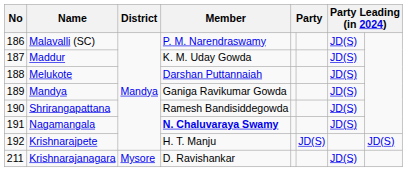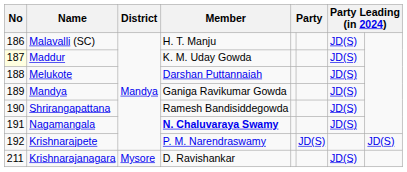 <table class="wikitable">
 <tr>
 <th>No</th>
 <th>Name</th>
 <th>District</th>
 <th>Member</th>
 <th colspan="2">Party</th>
 <th colspan="2">Party Leading<br>(in <a href='#'>2024</a>)</th>
 </tr>
 <tr>
 <td>186</td>
 <td><a href='#'>Malavalli</a> (SC)</td>
 <td rowspan="7"><a href='#'>Mandya</a></td>
-<td><a href='#'>P. M. Narendraswamy</a></td>
+<td>H. T. Manju</td>
 <td></td>
 <td style="background-color:"></td>
 <td><a href='#'>JD(S)</a></td>
 </tr>
 <tr>
-<td>187</td>
+<td style="background: lightyellow;">187</td>
 <td><a href='#'>Maddur</a></td>
 <td>K. M. Uday Gowda</td>
 <td></td>
 <td style="background-color:"></td>
 <td><a href='#'>JD(S)</a></td>
 </tr>
 <tr>
 <td>188</td>
 <td><a href='#'>Melukote</a></td>
 <td><a href='#'>Darshan Puttannaiah</a></td>
 <td></td>
 <td style="background-color:"></td>
 <td><a href='#'>JD(S)</a></td>
 </tr>
 <tr>
 <td>189</td>
 <td><a href='#'>Mandya</a></td>
 <td>Ganiga Ravikumar Gowda</td>
 <td></td>
 <td style="background-color:"></td>
 <td><a href='#'>JD(S)</a></td>
 </tr>
 <tr>
 <td>190</td>
 <td><a href='#'>Shrirangapattana</a></td>
 <td>Ramesh Bandisiddegowda</td>
 <td></td>
 <td style="background-color:"></td>
 <td><a href='#'>JD(S)</a></td>
 </tr>
 <tr>
 <td>191</td>
 <td><a href='#'>Nagamangala</a></td>
 <td><strong><a href='#'>N. Chaluvaraya Swamy</a></strong></td>
 <td></td>
 <td style="background-color:"></td>
 <td><a href='#'>JD(S)</a></td>
 </tr>
 <tr>
 <td>192</td>
 <td><a href='#'>Krishnarajpete</a></td>
-<td>H. T. Manju</td>
+<td><a href='#'>P. M. Narendraswamy</a></td>
 <td style="background-color:"></td>
 <td><a href='#'>JD(S)</a></td>
 <td style="background-color:"></td>
 <td><a href='#'>JD(S)</a></td>
 </tr>
 <tr>
 <td>211</td>
 <td><a href='#'>Krishnarajanagara</a></td>
 <td><a href='#'>Mysore</a></td>
 <td>D. Ravishankar</td>
 <td></td>
 <td style="background-color:"></td>
 <td><a href='#'>JD(S)</a></td>
 </tr>
 </table>
